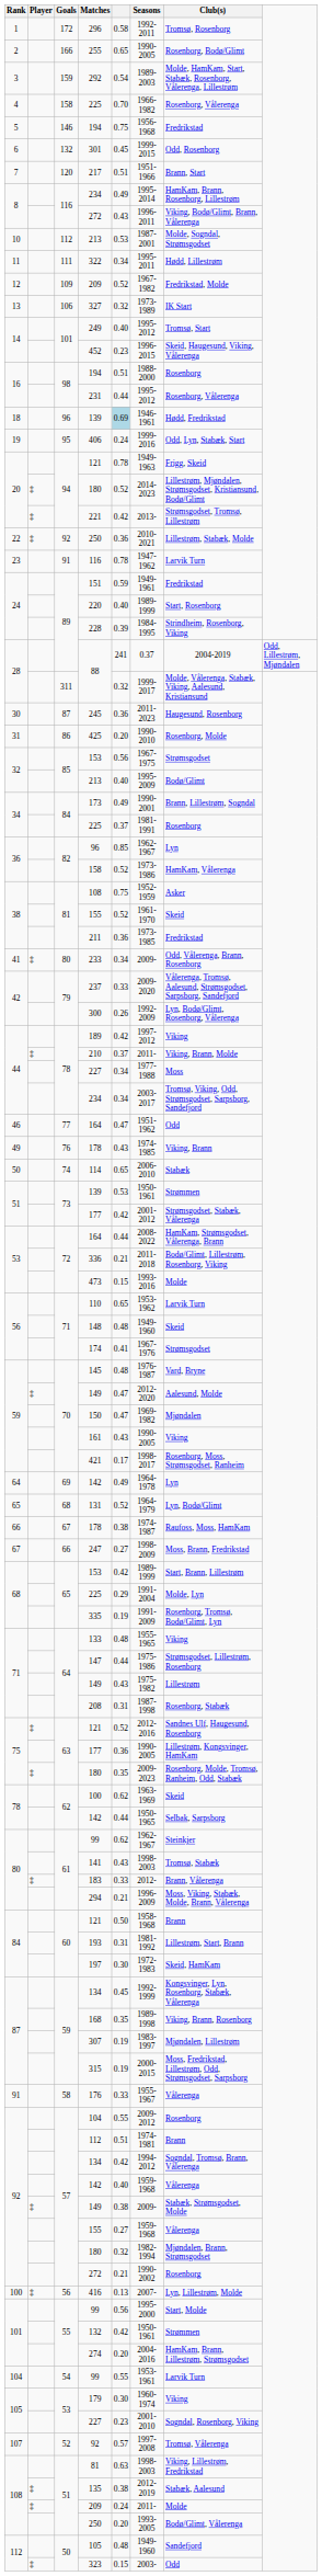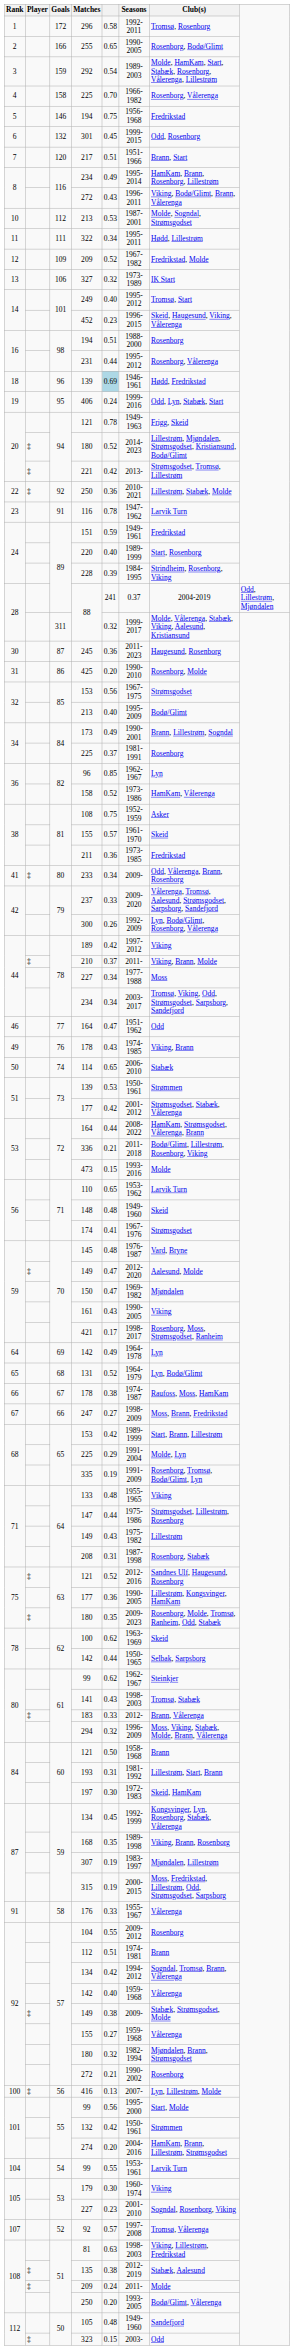 <table class="wikitable sortable" style="text-align:center">
 <tr>
 <th>Rank</th>
 <th>Player</th>
 <th>Goals</th>
 <th>Matches</th>
 <th></th>
 <th>Seasons</th>
 <th>Club(s)</th>
 </tr>
 <tr>
 <td rowspan="1">1</td>
 <td align=left> </td>
 <td rowspan="1">172</td>
 <td>296</td>
 <td>0.58</td>
 <td>1992-2011</td>
 <td align=left><a href='#'>Tromsø</a>, <a href='#'>Rosenborg</a></td>
 </tr>
 <tr>
 <td rowspan="1">2</td>
 <td align=left> </td>
 <td rowspan="1">166</td>
 <td>255</td>
 <td>0.65</td>
 <td>1990-2005</td>
 <td align=left><a href='#'>Rosenborg</a>, <a href='#'>Bodø/Glimt</a></td>
 </tr>
 <tr>
 <td rowspan="1">3</td>
 <td align=left> </td>
 <td rowspan="1">159</td>
 <td>292</td>
 <td>0.54</td>
 <td>1989-2003</td>
 <td align=left><a href='#'>Molde</a>, <a href='#'>HamKam</a>, <a href='#'>Start</a>, <a href='#'>Stabæk</a>, <a href='#'>Rosenborg</a>, <a href='#'>Vålerenga</a>, <a href='#'>Lillestrøm</a></td>
 </tr>
 <tr>
 <td rowspan="1">4</td>
 <td align=left> </td>
 <td rowspan="1">158</td>
 <td>225</td>
 <td>0.70</td>
 <td>1966-1982</td>
 <td align=left><a href='#'>Rosenborg</a>, <a href='#'>Vålerenga</a></td>
 </tr>
 <tr>
 <td rowspan="1">5</td>
 <td align=left> </td>
 <td rowspan="1">146</td>
 <td>194</td>
 <td>0.75</td>
 <td>1956-1968</td>
 <td align=left><a href='#'>Fredrikstad</a></td>
 </tr>
 <tr>
 <td rowspan="1">6</td>
 <td align=left> </td>
 <td rowspan="1">132</td>
 <td>301</td>
 <td>0.45</td>
 <td>1999-2015</td>
 <td align=left><a href='#'>Odd</a>, <a href='#'>Rosenborg</a></td>
 </tr>
 <tr>
 <td rowspan="1">7</td>
 <td align=left> </td>
 <td rowspan="1">120</td>
 <td>217</td>
 <td>0.51</td>
 <td>1951-1966</td>
 <td align=left><a href='#'>Brann</a>, <a href='#'>Start</a></td>
 </tr>
 <tr>
 <td rowspan="2">8</td>
 <td align=left> </td>
 <td rowspan="2">116</td>
 <td>234</td>
 <td>0.49</td>
 <td>1995-2014</td>
 <td align=left><a href='#'>HamKam</a>, <a href='#'>Brann</a>, <a href='#'>Rosenborg</a>, <a href='#'>Lillestrøm</a></td>
 </tr>
 <tr>
 <td align=left> </td>
 <td>272</td>
 <td>0.43</td>
 <td>1996-2011</td>
 <td align=left><a href='#'>Viking</a>, <a href='#'>Bodø/Glimt</a>, <a href='#'>Brann</a>, <a href='#'>Vålerenga</a></td>
 </tr>
 <tr>
 <td rowspan="1">10</td>
 <td align=left> </td>
 <td rowspan="1">112</td>
 <td>213</td>
 <td>0.53</td>
 <td>1987-2001</td>
 <td align=left><a href='#'>Molde</a>, <a href='#'>Sogndal</a>, <a href='#'>Strømsgodset</a></td>
 </tr>
 <tr>
 <td rowspan="1">11</td>
 <td align=left> </td>
 <td rowspan="1">111</td>
 <td>322</td>
 <td>0.34</td>
 <td>1995-2011</td>
 <td align=left><a href='#'>Hødd</a>, <a href='#'>Lillestrøm</a></td>
 </tr>
 <tr>
 <td rowspan="1">12</td>
 <td align=left> </td>
 <td rowspan="1">109</td>
 <td>209</td>
 <td>0.52</td>
 <td>1967-1982</td>
 <td align=left><a href='#'>Fredrikstad</a>, <a href='#'>Molde</a></td>
 </tr>
 <tr>
 <td rowspan="1">13</td>
 <td align=left> </td>
 <td rowspan="1">106</td>
 <td>327</td>
 <td>0.32</td>
 <td>1973-1989</td>
 <td align=left><a href='#'>IK Start</a></td>
 </tr>
 <tr>
 <td rowspan="2">14</td>
 <td align=left> </td>
 <td rowspan="2">101</td>
 <td>249</td>
 <td>0.40</td>
 <td>1995-2012</td>
 <td align=left><a href='#'>Tromsø</a>, <a href='#'>Start</a></td>
 </tr>
 <tr>
 <td align=left> </td>
 <td>452</td>
 <td>0.23</td>
 <td>1996-2015</td>
 <td align=left><a href='#'>Skeid</a>, <a href='#'>Haugesund</a>, <a href='#'>Viking</a>, <a href='#'>Vålerenga</a></td>
 </tr>
 <tr>
 <td rowspan="2">16</td>
 <td align=left> </td>
 <td rowspan="2">98</td>
 <td>194</td>
 <td>0.51</td>
 <td>1988-2000</td>
 <td align=left><a href='#'>Rosenborg</a></td>
 </tr>
 <tr>
 <td align=left> </td>
 <td>231</td>
 <td>0.44</td>
 <td>1995-2012</td>
 <td align=left><a href='#'>Rosenborg</a>, <a href='#'>Vålerenga</a></td>
 </tr>
 <tr>
 <td rowspan="1">18</td>
 <td align=left> </td>
 <td rowspan="1">96</td>
 <td>139</td>
 <td style="background: lightblue;">0.69</td>
 <td>1946-1961</td>
 <td align=left><a href='#'>Hødd</a>, <a href='#'>Fredrikstad</a></td>
 </tr>
 <tr>
 <td rowspan="1">19</td>
 <td align=left> </td>
 <td rowspan="1">95</td>
 <td>406</td>
 <td>0.24</td>
 <td>1999-2016</td>
 <td align=left><a href='#'>Odd</a>, <a href='#'>Lyn</a>, <a href='#'>Stabæk</a>, <a href='#'>Start</a></td>
 </tr>
 <tr>
 <td rowspan="3">20</td>
 <td align=left> </td>
 <td rowspan="3">94</td>
 <td>121</td>
 <td>0.78</td>
 <td>1949-1963</td>
 <td align=left><a href='#'>Frigg</a>, <a href='#'>Skeid</a></td>
 </tr>
 <tr>
 <td align=left>  ‡</td>
 <td>180</td>
 <td>0.52</td>
 <td>2014-2023</td>
 <td align=left><a href='#'>Lillestrøm</a>, <a href='#'>Mjøndalen</a>, <a href='#'>Strømsgodset</a>, <a href='#'>Kristiansund</a>, <a href='#'>Bodø/Glimt</a></td>
 </tr>
 <tr>
 <td align=left> <strong></strong> ‡</td>
 <td>221</td>
 <td>0.42</td>
 <td>2013-</td>
 <td align=left><a href='#'>Strømsgodset</a>, <a href='#'>Tromsø</a>, <a href='#'>Lillestrøm</a></td>
 </tr>
 <tr>
 <td rowspan="1">22</td>
 <td align=left>  ‡</td>
 <td rowspan="1">92</td>
 <td>250</td>
 <td>0.36</td>
 <td>2010-2021</td>
 <td align=left><a href='#'>Lillestrøm</a>, <a href='#'>Stabæk</a>, <a href='#'>Molde</a></td>
 </tr>
 <tr>
 <td rowspan="1">23</td>
 <td align=left> </td>
 <td rowspan="1">91</td>
 <td>116</td>
 <td>0.78</td>
 <td>1947-1962</td>
 <td align=left><a href='#'>Larvik Turn</a></td>
 </tr>
 <tr>
 <td rowspan="3">24</td>
 <td align=left> </td>
 <td rowspan="4">89</td>
 <td>151</td>
 <td>0.59</td>
 <td>1949-1961</td>
 <td align=left><a href='#'>Fredrikstad</a></td>
 </tr>
 <tr>
 <td align=left> </td>
 <td>220</td>
 <td>0.40</td>
 <td>1989-1999</td>
 <td align=left><a href='#'>Start</a>, <a href='#'>Rosenborg</a></td>
 </tr>
 <tr>
 <td align=left> </td>
 <td>228</td>
 <td>0.39</td>
 <td>1984-1995</td>
 <td align=left><a href='#'>Strindheim</a>, <a href='#'>Rosenborg</a>, <a href='#'>Viking</a></td>
 </tr>
 <tr>
 <td rowspan="2">28</td>
 <td align=left> </td>
 <td rowspan="2">88</td>
 <td>241</td>
 <td>0.37</td>
 <td>2004-2019</td>
 <td align=left><a href='#'>Odd</a>, <a href='#'>Lillestrøm</a>, <a href='#'>Mjøndalen</a></td>
 </tr>
 <tr>
 <td align=left> </td>
 <td>311</td>
 <td>0.32</td>
 <td>1999-2017</td>
 <td align=left><a href='#'>Molde</a>, <a href='#'>Vålerenga</a>, <a href='#'>Stabæk</a>, <a href='#'>Viking</a>, <a href='#'>Aalesund</a>, <a href='#'>Kristiansund</a></td>
 </tr>
 <tr>
 <td rowspan="1">30</td>
 <td align=left> </td>
 <td rowspan="1">87</td>
 <td>245</td>
 <td>0.36</td>
 <td>2011-2023</td>
 <td align=left><a href='#'>Haugesund</a>, <a href='#'>Rosenborg</a></td>
 </tr>
 <tr>
 <td rowspan="1">31</td>
 <td align=left> </td>
 <td rowspan="1">86</td>
 <td>425</td>
 <td>0.20</td>
 <td>1990-2010</td>
 <td align=left><a href='#'>Rosenborg</a>, <a href='#'>Molde</a></td>
 </tr>
 <tr>
 <td rowspan="2">32</td>
 <td align=left> </td>
 <td rowspan="2">85</td>
 <td>153</td>
 <td>0.56</td>
 <td>1967-1975</td>
 <td align=left><a href='#'>Strømsgodset</a></td>
 </tr>
 <tr>
 <td align=left> </td>
 <td>213</td>
 <td>0.40</td>
 <td>1995-2009</td>
 <td align=left><a href='#'>Bodø/Glimt</a></td>
 </tr>
 <tr>
 <td rowspan="2">34</td>
 <td align=left> </td>
 <td rowspan="2">84</td>
 <td>173</td>
 <td>0.49</td>
 <td>1990-2001</td>
 <td align=left><a href='#'>Brann</a>, <a href='#'>Lillestrøm</a>, <a href='#'>Sogndal</a></td>
 </tr>
 <tr>
 <td align=left> </td>
 <td>225</td>
 <td>0.37</td>
 <td>1981-1991</td>
 <td align=left><a href='#'>Rosenborg</a></td>
 </tr>
 <tr>
 <td rowspan="2">36</td>
 <td align=left> </td>
 <td rowspan="2">82</td>
 <td>96</td>
 <td>0.85</td>
 <td>1962-1967</td>
 <td align=left><a href='#'>Lyn</a></td>
 </tr>
 <tr>
 <td align=left> </td>
 <td>158</td>
 <td>0.52</td>
 <td>1973-1986</td>
 <td align=left><a href='#'>HamKam</a>, <a href='#'>Vålerenga</a></td>
 </tr>
 <tr>
 <td rowspan="3">38</td>
 <td align=left> </td>
 <td rowspan="3">81</td>
 <td>108</td>
 <td>0.75</td>
 <td>1952-1959</td>
 <td align=left><a href='#'>Asker</a></td>
 </tr>
 <tr>
 <td align=left> </td>
 <td>155</td>
-<td>0.52</td>
+<td>0.57</td>
 <td>1961-1970</td>
 <td align=left><a href='#'>Skeid</a></td>
 </tr>
 <tr>
 <td align=left> </td>
 <td>211</td>
 <td>0.36</td>
 <td>1973-1985</td>
 <td align=left><a href='#'>Fredrikstad</a></td>
 </tr>
 <tr>
 <td rowspan="1">41</td>
 <td align=left> <strong></strong> ‡</td>
 <td rowspan="1">80</td>
 <td>233</td>
 <td>0.34</td>
 <td>2009-</td>
 <td align=left><a href='#'>Odd</a>, <a href='#'>Vålerenga</a>, <a href='#'>Brann</a>, <a href='#'>Rosenborg</a></td>
 </tr>
 <tr>
 <td rowspan="2">42</td>
 <td align=left> </td>
 <td rowspan="2">79</td>
 <td>237</td>
 <td>0.33</td>
 <td>2009-2020</td>
 <td align=left><a href='#'>Vålerenga</a>, <a href='#'>Tromsø</a>, <a href='#'>Aalesund</a>, <a href='#'>Strømsgodset</a>, <a href='#'>Sarpsborg</a>, <a href='#'>Sandefjord</a></td>
 </tr>
 <tr>
 <td align=left> </td>
 <td>300</td>
 <td>0.26</td>
 <td>1992-2009</td>
 <td align=left><a href='#'>Lyn</a>, <a href='#'>Bodø/Glimt</a>, <a href='#'>Rosenborg</a>, <a href='#'>Vålerenga</a></td>
 </tr>
 <tr>
 <td rowspan="4">44</td>
 <td align=left> </td>
 <td rowspan="4">78</td>
 <td>189</td>
 <td>0.42</td>
 <td>1997-2012</td>
 <td align=left><a href='#'>Viking</a></td>
 </tr>
 <tr>
 <td align=left> <strong></strong> ‡</td>
 <td>210</td>
 <td>0.37</td>
 <td>2011-</td>
 <td align=left><a href='#'>Viking</a>, <a href='#'>Brann</a>, <a href='#'>Molde</a></td>
 </tr>
 <tr>
 <td align=left> </td>
 <td>227</td>
 <td>0.34</td>
 <td>1977-1988</td>
 <td align=left><a href='#'>Moss</a></td>
 </tr>
 <tr>
 <td align=left> </td>
 <td>234</td>
 <td>0.34</td>
 <td>2003-2017</td>
 <td align=left><a href='#'>Tromsø</a>, <a href='#'>Viking</a>, <a href='#'>Odd</a>, <a href='#'>Strømsgodset</a>, <a href='#'>Sarpsborg</a>, <a href='#'>Sandefjord</a></td>
 </tr>
 <tr>
 <td rowspan="1">46</td>
 <td align=left> </td>
 <td rowspan="1">77</td>
 <td>164</td>
 <td>0.47</td>
 <td>1951-1962</td>
 <td align=left><a href='#'>Odd</a></td>
 </tr>
 <tr>
 <td rowspan="1">49</td>
 <td align=left> </td>
 <td rowspan="1">76</td>
 <td>178</td>
 <td>0.43</td>
 <td>1974-1985</td>
 <td align=left><a href='#'>Viking</a>, <a href='#'>Brann</a></td>
 </tr>
 <tr>
 <td rowspan="1">50</td>
 <td align=left> </td>
 <td rowspan="1">74</td>
 <td>114</td>
 <td>0.65</td>
 <td>2006-2010</td>
 <td align=left><a href='#'>Stabæk</a></td>
 </tr>
 <tr>
 <td rowspan="2">51</td>
 <td align=left> </td>
 <td rowspan="2">73</td>
 <td>139</td>
 <td>0.53</td>
 <td>1950-1961</td>
 <td align=left><a href='#'>Strømmen</a></td>
 </tr>
 <tr>
 <td align=left> </td>
 <td>177</td>
 <td>0.42</td>
 <td>2001-2012</td>
 <td align=left><a href='#'>Strømsgodset</a>, <a href='#'>Stabæk</a>, <a href='#'>Vålerenga</a></td>
 </tr>
 <tr>
 <td rowspan="3">53</td>
 <td align=left> </td>
 <td rowspan="3">72</td>
 <td>164</td>
 <td>0.44</td>
 <td>2008-2022</td>
 <td align=left><a href='#'>HamKam</a>, <a href='#'>Strømsgodset</a>, <a href='#'>Vålerenga</a>, <a href='#'>Brann</a></td>
 </tr>
 <tr>
 <td align=left> </td>
 <td>336</td>
 <td>0.21</td>
 <td>2011-2018</td>
 <td align=left><a href='#'>Bodø/Glimt</a>, <a href='#'>Lillestrøm</a>, <a href='#'>Rosenborg</a>, <a href='#'>Viking</a></td>
 </tr>
 <tr>
 <td align=left> </td>
 <td>473</td>
 <td>0.15</td>
 <td>1993-2016</td>
 <td align=left><a href='#'>Molde</a></td>
 </tr>
 <tr>
 <td rowspan="3">56</td>
 <td align=left> </td>
 <td rowspan="3">71</td>
 <td>110</td>
 <td>0.65</td>
 <td>1953-1962</td>
 <td align=left><a href='#'>Larvik Turn</a></td>
 </tr>
 <tr>
 <td align=left> </td>
 <td>148</td>
 <td>0.48</td>
 <td>1949-1960</td>
 <td align=left><a href='#'>Skeid</a></td>
 </tr>
 <tr>
 <td align=left> </td>
 <td>174</td>
 <td>0.41</td>
 <td>1967-1976</td>
 <td align=left><a href='#'>Strømsgodset</a></td>
 </tr>
 <tr>
 <td rowspan="5">59</td>
 <td align=left> </td>
 <td rowspan="5">70</td>
 <td>145</td>
 <td>0.48</td>
 <td>1976-1987</td>
 <td align=left><a href='#'>Vard</a>, <a href='#'>Bryne</a></td>
 </tr>
 <tr>
 <td align=left>  ‡</td>
 <td>149</td>
 <td>0.47</td>
 <td>2012-2020</td>
 <td align=left><a href='#'>Aalesund</a>, <a href='#'>Molde</a></td>
 </tr>
 <tr>
 <td align=left> </td>
 <td>150</td>
 <td>0.47</td>
 <td>1969-1982</td>
 <td align=left><a href='#'>Mjøndalen</a></td>
 </tr>
 <tr>
 <td align=left> </td>
 <td>161</td>
 <td>0.43</td>
 <td>1990-2005</td>
 <td align=left><a href='#'>Viking</a></td>
 </tr>
 <tr>
 <td align=left> </td>
 <td>421</td>
 <td>0.17</td>
 <td>1998-2017</td>
 <td align=left><a href='#'>Rosenborg</a>, <a href='#'>Moss</a>, <a href='#'>Strømsgodset</a>, <a href='#'>Ranheim</a></td>
 </tr>
 <tr>
 <td rowspan="1">64</td>
 <td align=left> </td>
 <td rowspan="1">69</td>
 <td>142</td>
 <td>0.49</td>
 <td>1964-1978</td>
 <td align=left><a href='#'>Lyn</a></td>
 </tr>
 <tr>
 <td rowspan="1">65</td>
 <td align=left> </td>
 <td rowspan="1">68</td>
 <td>131</td>
 <td>0.52</td>
 <td>1964-1979</td>
 <td align=left><a href='#'>Lyn</a>, <a href='#'>Bodø/Glimt</a></td>
 </tr>
 <tr>
 <td rowspan="1">66</td>
 <td align=left> </td>
 <td rowspan="1">67</td>
 <td>178</td>
 <td>0.38</td>
 <td>1974-1987</td>
 <td align=left><a href='#'>Raufoss</a>, <a href='#'>Moss</a>, <a href='#'>HamKam</a></td>
 </tr>
 <tr>
 <td rowspan="1">67</td>
 <td align=left> </td>
 <td rowspan="1">66</td>
 <td>247</td>
 <td>0.27</td>
 <td>1998-2009</td>
 <td align=left><a href='#'>Moss</a>, <a href='#'>Brann</a>, <a href='#'>Fredrikstad</a></td>
 </tr>
 <tr>
 <td rowspan="3">68</td>
 <td align=left> </td>
 <td rowspan="3">65</td>
 <td>153</td>
 <td>0.42</td>
 <td>1989-1999</td>
 <td align=left><a href='#'>Start</a>, <a href='#'>Brann</a>, <a href='#'>Lillestrøm</a></td>
 </tr>
 <tr>
 <td align=left> </td>
 <td>225</td>
 <td>0.29</td>
 <td>1991-2004</td>
 <td align=left><a href='#'>Molde</a>, <a href='#'>Lyn</a></td>
 </tr>
 <tr>
 <td align=left> </td>
 <td>335</td>
 <td>0.19</td>
 <td>1991-2009</td>
 <td align=left><a href='#'>Rosenborg</a>, <a href='#'>Tromsø</a>, <a href='#'>Bodø/Glimt</a>, <a href='#'>Lyn</a></td>
 </tr>
 <tr>
 <td rowspan="4">71</td>
 <td align=left> </td>
 <td rowspan="4">64</td>
 <td>133</td>
 <td>0.48</td>
 <td>1955-1965</td>
 <td align=left><a href='#'>Viking</a></td>
 </tr>
 <tr>
 <td align=left> </td>
 <td>147</td>
 <td>0.44</td>
 <td>1975-1986</td>
 <td align=left><a href='#'>Strømsgodset</a>, <a href='#'>Lillestrøm</a>, <a href='#'>Rosenborg</a></td>
 </tr>
 <tr>
 <td align=left> </td>
 <td>149</td>
 <td>0.43</td>
 <td>1975-1982</td>
 <td align=left><a href='#'>Lillestrøm</a></td>
 </tr>
 <tr>
 <td align=left> </td>
 <td>208</td>
 <td>0.31</td>
 <td>1987-1998</td>
 <td align=left><a href='#'>Rosenborg</a>, <a href='#'>Stabæk</a></td>
 </tr>
 <tr>
 <td rowspan="3">75</td>
 <td align=left>  ‡</td>
 <td rowspan="3">63</td>
 <td>121</td>
 <td>0.52</td>
 <td>2012-2016</td>
 <td align=left><a href='#'>Sandnes Ulf</a>, <a href='#'>Haugesund</a>, <a href='#'>Rosenborg</a></td>
 </tr>
 <tr>
 <td align=left> </td>
 <td>177</td>
 <td>0.36</td>
 <td>1990-2005</td>
 <td align=left><a href='#'>Lillestrøm</a>, <a href='#'>Kongsvinger</a>, <a href='#'>HamKam</a></td>
 </tr>
 <tr>
 <td align=left>  ‡</td>
 <td>180</td>
 <td>0.35</td>
 <td>2009-2023</td>
 <td align=left><a href='#'>Rosenborg</a>, <a href='#'>Molde</a>, <a href='#'>Tromsø</a>, <a href='#'>Ranheim</a>, <a href='#'>Odd</a>, <a href='#'>Stabæk</a></td>
 </tr>
 <tr>
 <td rowspan="2">78</td>
 <td align=left> </td>
 <td rowspan="2">62</td>
 <td>100</td>
 <td>0.62</td>
 <td>1963-1969</td>
 <td align=left><a href='#'>Skeid</a></td>
 </tr>
 <tr>
 <td align=left> </td>
 <td>142</td>
 <td>0.44</td>
 <td>1950-1965</td>
 <td align=left><a href='#'>Selbak</a>, <a href='#'>Sarpsborg</a></td>
 </tr>
 <tr>
 <td rowspan="4">80</td>
 <td align=left> </td>
 <td rowspan="4">61</td>
 <td>99</td>
 <td>0.62</td>
 <td>1962-1967</td>
 <td align=left><a href='#'>Steinkjer</a></td>
 </tr>
 <tr>
 <td align=left> </td>
 <td>141</td>
 <td>0.43</td>
 <td>1998-2003</td>
 <td align=left><a href='#'>Tromsø</a>, <a href='#'>Stabæk</a></td>
 </tr>
 <tr>
 <td align=left> <strong></strong> ‡</td>
 <td>183</td>
 <td>0.33</td>
 <td>2012-</td>
 <td align=left><a href='#'>Brann</a>, <a href='#'>Vålerenga</a></td>
 </tr>
 <tr>
 <td align=left> </td>
 <td>294</td>
-<td>0.21</td>
+<td>0.32</td>
 <td>1996-2009</td>
 <td align=left><a href='#'>Moss</a>, <a href='#'>Viking</a>, <a href='#'>Stabæk</a>, <a href='#'>Molde</a>, <a href='#'>Brann</a>, <a href='#'>Vålerenga</a></td>
 </tr>
 <tr>
 <td rowspan="3">84</td>
 <td align=left> </td>
 <td rowspan="3">60</td>
 <td>121</td>
 <td>0.50</td>
 <td>1958-1968</td>
 <td align=left><a href='#'>Brann</a></td>
 </tr>
 <tr>
 <td align=left> </td>
 <td>193</td>
 <td>0.31</td>
 <td>1981-1992</td>
 <td align=left><a href='#'>Lillestrøm</a>, <a href='#'>Start</a>, <a href='#'>Brann</a></td>
 </tr>
 <tr>
 <td align=left> </td>
 <td>197</td>
 <td>0.30</td>
 <td>1972-1983</td>
 <td align=left><a href='#'>Skeid</a>, <a href='#'>HamKam</a></td>
 </tr>
 <tr>
 <td rowspan="4">87</td>
 <td align=left> </td>
 <td rowspan="4">59</td>
 <td>134</td>
 <td>0.45</td>
 <td>1992-1999</td>
 <td align=left><a href='#'>Kongsvinger</a>, <a href='#'>Lyn</a>, <a href='#'>Rosenborg</a>, <a href='#'>Stabæk</a>, <a href='#'>Vålerenga</a></td>
 </tr>
 <tr>
 <td align=left> </td>
 <td>168</td>
 <td>0.35</td>
 <td>1989-1998</td>
 <td align=left><a href='#'>Viking</a>, <a href='#'>Brann</a>, <a href='#'>Rosenborg</a></td>
 </tr>
 <tr>
 <td align=left> </td>
 <td>307</td>
 <td>0.19</td>
 <td>1983-1997</td>
 <td align=left><a href='#'>Mjøndalen</a>, <a href='#'>Lillestrøm</a></td>
 </tr>
 <tr>
 <td align=left> </td>
 <td>315</td>
 <td>0.19</td>
 <td>2000-2015</td>
 <td align=left><a href='#'>Moss</a>, <a href='#'>Fredrikstad</a>, <a href='#'>Lillestrøm</a>, <a href='#'>Odd</a>, <a href='#'>Strømsgodset</a>, <a href='#'>Sarpsborg</a></td>
 </tr>
 <tr>
 <td rowspan="1">91</td>
 <td align=left> </td>
 <td rowspan="1">58</td>
 <td>176</td>
 <td>0.33</td>
 <td>1955-1967</td>
 <td align=left><a href='#'>Vålerenga</a></td>
 </tr>
 <tr>
 <td rowspan="8">92</td>
 <td align=left> </td>
 <td rowspan="8">57</td>
 <td>104</td>
 <td>0.55</td>
 <td>2009-2012</td>
 <td align=left><a href='#'>Rosenborg</a></td>
 </tr>
 <tr>
 <td align=left> </td>
 <td>112</td>
 <td>0.51</td>
 <td>1974-1981</td>
 <td align=left><a href='#'>Brann</a></td>
 </tr>
 <tr>
 <td align=left> </td>
 <td>134</td>
 <td>0.42</td>
 <td>1994-2012</td>
 <td align=left><a href='#'>Sogndal</a>, <a href='#'>Tromsø</a>, <a href='#'>Brann</a>, <a href='#'>Vålerenga</a></td>
 </tr>
 <tr>
 <td align=left> </td>
 <td>142</td>
 <td>0.40</td>
 <td>1959-1968</td>
 <td align=left><a href='#'>Vålerenga</a></td>
 </tr>
 <tr>
 <td align=left>  ‡</td>
 <td>149</td>
 <td>0.38</td>
 <td>2009-</td>
 <td align=left><a href='#'>Stabæk</a>, <a href='#'>Strømsgodset</a>, <a href='#'>Molde</a></td>
 </tr>
 <tr>
 <td align=left> </td>
 <td>155</td>
 <td>0.27</td>
 <td>1959-1968</td>
 <td align=left><a href='#'>Vålerenga</a></td>
 </tr>
 <tr>
 <td align=left> </td>
 <td>180</td>
 <td>0.32</td>
 <td>1982-1994</td>
 <td align=left><a href='#'>Mjøndalen</a>, <a href='#'>Brann</a>, <a href='#'>Strømsgodset</a></td>
 </tr>
 <tr>
 <td align=left> </td>
 <td>272</td>
 <td>0.21</td>
 <td>1990-2002</td>
 <td align=left><a href='#'>Rosenborg</a></td>
 </tr>
 <tr>
 <td rowspan="1">100</td>
 <td align=left> <strong></strong> ‡</td>
 <td rowspan="1">56</td>
 <td>416</td>
 <td>0.13</td>
 <td>2007-</td>
 <td align=left><a href='#'>Lyn</a>, <a href='#'>Lillestrøm</a>, <a href='#'>Molde</a></td>
 </tr>
 <tr>
 <td rowspan="3">101</td>
 <td align=left> </td>
 <td rowspan="3">55</td>
 <td>99</td>
 <td>0.56</td>
 <td>1995-2000</td>
 <td align=left><a href='#'>Start</a>, <a href='#'>Molde</a></td>
 </tr>
 <tr>
 <td align=left> </td>
 <td>132</td>
 <td>0.42</td>
 <td>1950-1961</td>
 <td align=left><a href='#'>Strømmen</a></td>
 </tr>
 <tr>
 <td align=left> </td>
 <td>274</td>
 <td>0.20</td>
 <td>2004-2016</td>
 <td align=left><a href='#'>HamKam</a>, <a href='#'>Brann</a>, <a href='#'>Lillestrøm</a>, <a href='#'>Strømsgodset</a></td>
 </tr>
 <tr>
 <td rowspan="1">104</td>
 <td align=left> </td>
 <td rowspan="1">54</td>
 <td>99</td>
 <td>0.55</td>
 <td>1953-1961</td>
 <td align=left><a href='#'>Larvik Turn</a></td>
 </tr>
 <tr>
 <td rowspan="2">105</td>
 <td align=left> </td>
 <td rowspan="2">53</td>
 <td>179</td>
 <td>0.30</td>
 <td>1960-1974</td>
 <td align=left><a href='#'>Viking</a></td>
 </tr>
 <tr>
 <td align=left> </td>
 <td>227</td>
 <td>0.23</td>
 <td>2001-2010</td>
 <td align=left><a href='#'>Sogndal</a>, <a href='#'>Rosenborg</a>, <a href='#'>Viking</a></td>
 </tr>
 <tr>
 <td rowspan="1">107</td>
 <td align=left> </td>
 <td rowspan="1">52</td>
 <td>92</td>
 <td>0.57</td>
 <td>1997-2008</td>
 <td align=left><a href='#'>Tromsø</a>, <a href='#'>Vålerenga</a></td>
 </tr>
 <tr>
 <td rowspan="4">108</td>
 <td align=left> </td>
 <td rowspan="4">51</td>
 <td>81</td>
 <td>0.63</td>
 <td>1998-2003</td>
 <td align=left><a href='#'>Viking</a>, <a href='#'>Lillestrøm</a>, <a href='#'>Fredrikstad</a></td>
 </tr>
 <tr>
 <td align=left>  ‡</td>
 <td>135</td>
 <td>0.38</td>
 <td>2012-2019</td>
 <td align=left><a href='#'>Stabæk</a>, <a href='#'>Aalesund</a></td>
 </tr>
 <tr>
 <td align=left> <strong></strong> ‡</td>
 <td>209</td>
 <td>0.24</td>
 <td>2011-</td>
 <td align=left><a href='#'>Molde</a></td>
 </tr>
 <tr>
 <td align=left> </td>
 <td>250</td>
 <td>0.20</td>
 <td>1993-2005</td>
 <td align=left><a href='#'>Bodø/Glimt</a>, <a href='#'>Vålerenga</a></td>
 </tr>
 <tr>
 <td rowspan="2">112</td>
 <td align=left> </td>
 <td rowspan="2">50</td>
 <td>105</td>
 <td>0.48</td>
 <td>1949-1960</td>
 <td align=left><a href='#'>Sandefjord</a></td>
 </tr>
 <tr>
 <td align=left> <strong></strong> ‡</td>
 <td>323</td>
 <td>0.15</td>
 <td>2003-</td>
 <td align=left><a href='#'>Odd</a></td>
 </tr>
 </table>
